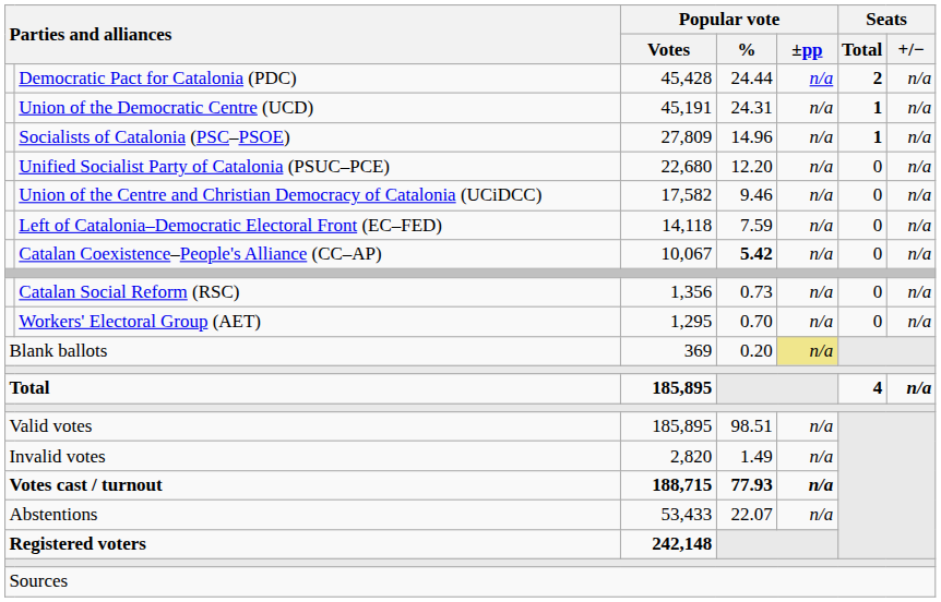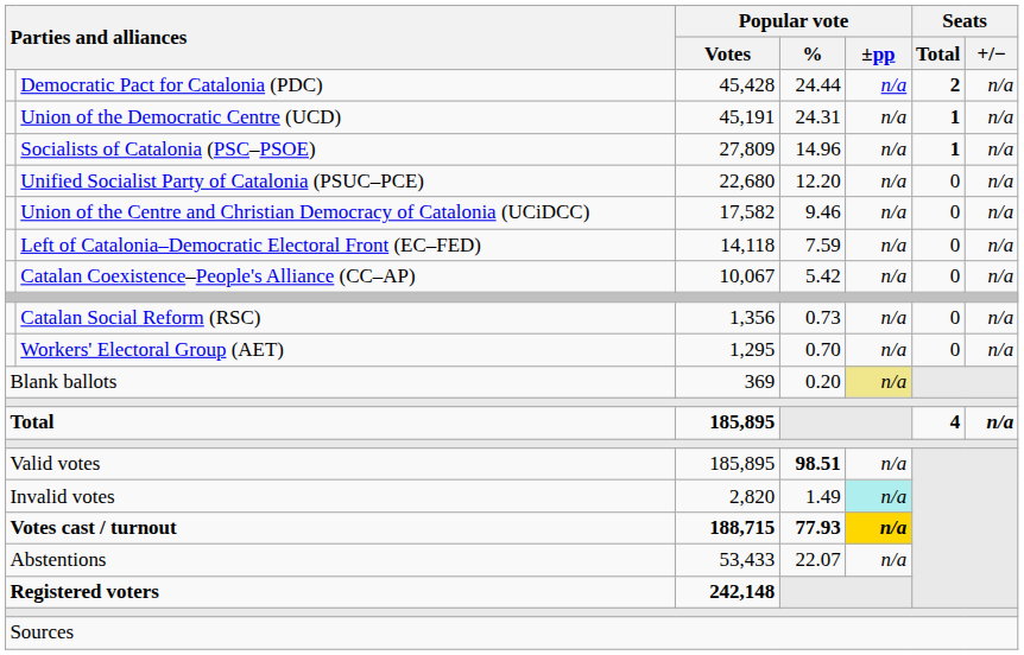 <table class="wikitable" style="text-align:right;">
 <tr>
 <th style="text-align:left;" rowspan="2" colspan="2" width="525">Parties and alliances</th>
 <th colspan="3">Popular vote</th>
 <th colspan="2">Seats</th>
 </tr>
 <tr>
 <th width="75">Votes</th>
 <th width="45">%</th>
 <th width="45">±<a href='#'>pp</a></th>
 <th width="35">Total</th>
 <th width="35">+/−</th>
 </tr>
 <tr>
 <td width="1" style="color:inherit;background:"></td>
 <td align="left"><a href='#'>Democratic Pact for Catalonia</a> (PDC)</td>
 <td>45,428</td>
 <td>24.44</td>
 <td><em><a href='#'>n/a</a></em></td>
 <td><strong>2</strong></td>
 <td><em>n/a</em></td>
 </tr>
 <tr>
 <td style="color:inherit;background:"></td>
 <td align="left"><a href='#'>Union of the Democratic Centre</a> (UCD)</td>
 <td>45,191</td>
 <td>24.31</td>
 <td><em>n/a</em></td>
 <td><strong>1</strong></td>
 <td><em>n/a</em></td>
 </tr>
 <tr>
 <td style="color:inherit;background:"></td>
 <td align="left"><a href='#'>Socialists of Catalonia</a> (<a href='#'>PSC</a>–<a href='#'>PSOE</a>)</td>
 <td>27,809</td>
 <td>14.96</td>
 <td><em>n/a</em></td>
 <td><strong>1</strong></td>
 <td><em>n/a</em></td>
 </tr>
 <tr>
 <td style="color:inherit;background:"></td>
 <td align="left"><a href='#'>Unified Socialist Party of Catalonia</a> (PSUC–PCE)</td>
 <td>22,680</td>
 <td>12.20</td>
 <td><em>n/a</em></td>
 <td>0</td>
 <td><em>n/a</em></td>
 </tr>
 <tr>
 <td style="color:inherit;background:"></td>
 <td align="left"><a href='#'>Union of the Centre and Christian Democracy of Catalonia</a> (UCiDCC)</td>
 <td>17,582</td>
 <td>9.46</td>
 <td><em>n/a</em></td>
 <td>0</td>
 <td><em>n/a</em></td>
 </tr>
 <tr>
 <td style="color:inherit;background:"></td>
 <td align="left"><a href='#'>Left of Catalonia–Democratic Electoral Front</a> (EC–FED)</td>
 <td>14,118</td>
 <td>7.59</td>
 <td><em>n/a</em></td>
 <td>0</td>
 <td><em>n/a</em></td>
 </tr>
 <tr>
 <td style="color:inherit;background:"></td>
 <td align="left"><a href='#'>Catalan Coexistence</a>–<a href='#'>People's Alliance</a> (CC–AP)</td>
 <td>10,067</td>
-<td><strong>5.42</strong></td>
+<td>5.42</td>
 <td><em>n/a</em></td>
 <td>0</td>
 <td><em>n/a</em></td>
 </tr>
 <tr>
 <td colspan="7" bgcolor="#C0C0C0"></td>
 </tr>
 <tr>
 <td style="color:inherit;background:"></td>
 <td align="left"><a href='#'>Catalan Social Reform</a> (RSC)</td>
 <td>1,356</td>
 <td>0.73</td>
 <td><em>n/a</em></td>
 <td>0</td>
 <td><em>n/a</em></td>
 </tr>
 <tr>
 <td style="color:inherit;background:"></td>
 <td align="left"><a href='#'>Workers' Electoral Group</a> (AET)</td>
 <td>1,295</td>
 <td>0.70</td>
 <td><em>n/a</em></td>
 <td>0</td>
 <td><em>n/a</em></td>
 </tr>
 <tr>
 <td align="left" colspan="2">Blank ballots</td>
 <td>369</td>
 <td>0.20</td>
 <td style="background: khaki;"><em>n/a</em></td>
 <td bgcolor="#E9E9E9" colspan="2"></td>
 </tr>
 <tr>
 <td colspan="7" bgcolor="#E9E9E9"></td>
 </tr>
 <tr style="font-weight:bold;">
 <td align="left" colspan="2">Total</td>
 <td>185,895</td>
 <td bgcolor="#E9E9E9" colspan="2"></td>
 <td>4</td>
 <td><em>n/a</em></td>
 </tr>
 <tr>
 <td colspan="7" bgcolor="#E9E9E9"></td>
 </tr>
 <tr>
 <td align="left" colspan="2">Valid votes</td>
 <td>185,895</td>
-<td>98.51</td>
+<td><strong>98.51</strong></td>
 <td><em>n/a</em></td>
 <td bgcolor="#E9E9E9" colspan="2" rowspan="5"></td>
 </tr>
 <tr>
 <td align="left" colspan="2">Invalid votes</td>
 <td>2,820</td>
 <td>1.49</td>
-<td><em>n/a</em></td>
+<td style="background: paleturquoise;"><em>n/a</em></td>
 </tr>
 <tr style="font-weight:bold;">
 <td align="left" colspan="2">Votes cast / turnout</td>
 <td>188,715</td>
 <td>77.93</td>
-<td><em>n/a</em></td>
+<td style="background: gold;"><em>n/a</em></td>
 </tr>
 <tr>
 <td align="left" colspan="2">Abstentions</td>
 <td>53,433</td>
 <td>22.07</td>
 <td><em>n/a</em></td>
 </tr>
 <tr style="font-weight:bold;">
 <td align="left" colspan="2">Registered voters</td>
 <td>242,148</td>
 <td bgcolor="#E9E9E9" colspan="2"></td>
 </tr>
 <tr>
 <td colspan="7" bgcolor="#E9E9E9"></td>
 </tr>
 <tr>
 <td align="left" colspan="7">Sources</td>
 </tr>
 </table>
